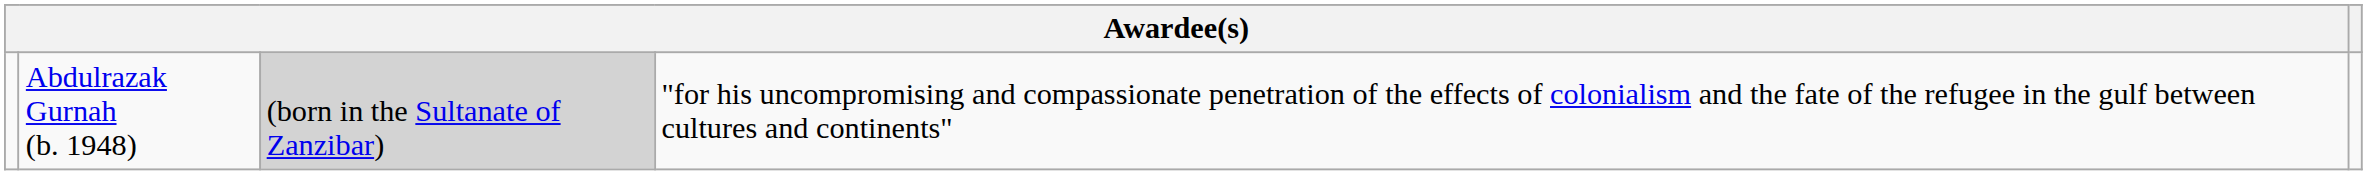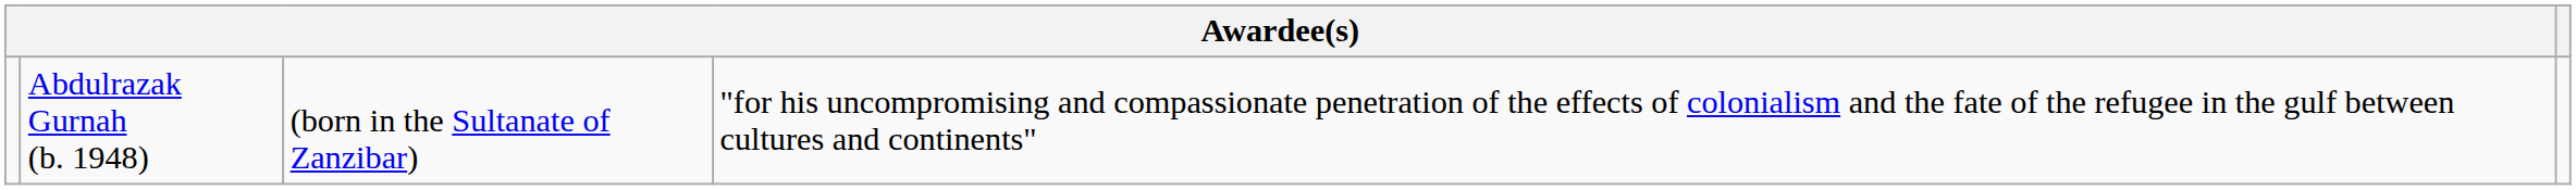 <table class="wikitable">
 <tr>
 <th colspan="4">Awardee(s)</th>
 <th></th>
 </tr>
 <tr>
 <td></td>
 <td><a href='#'>Abdulrazak Gurnah</a><br>(b. 1948)</td>
-<td style="background: lightgrey;"><br> (born in the <a href='#'>Sultanate of Zanzibar</a>)</td>
+<td><br> (born in the <a href='#'>Sultanate of Zanzibar</a>)</td>
 <td>"for his uncompromising and compassionate penetration of the effects of <a href='#'>colonialism</a> and the fate of the refugee in the gulf between cultures and continents"</td>
 <td></td>
 </tr>
 </table>
